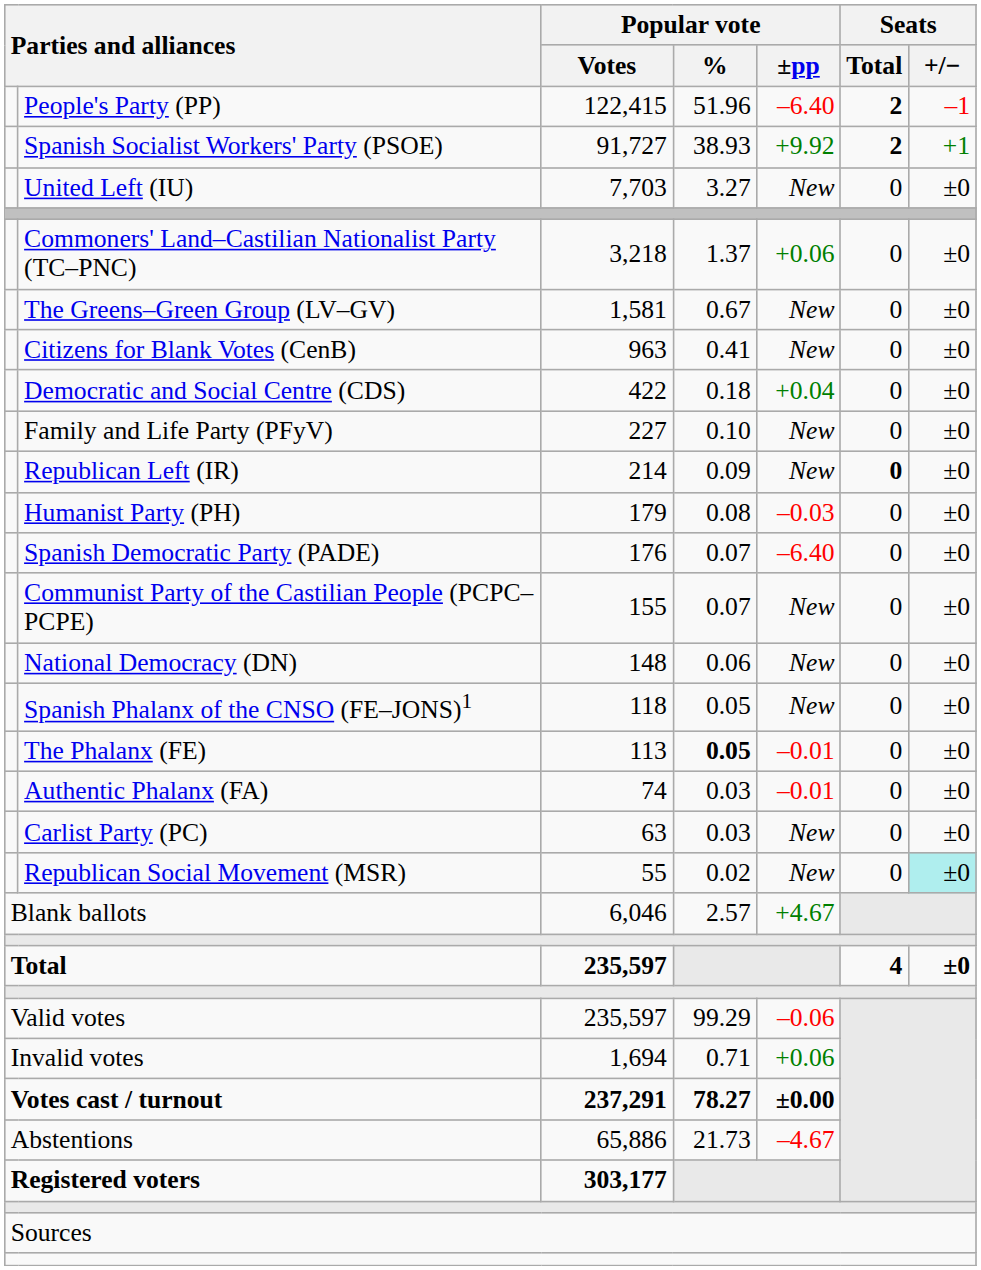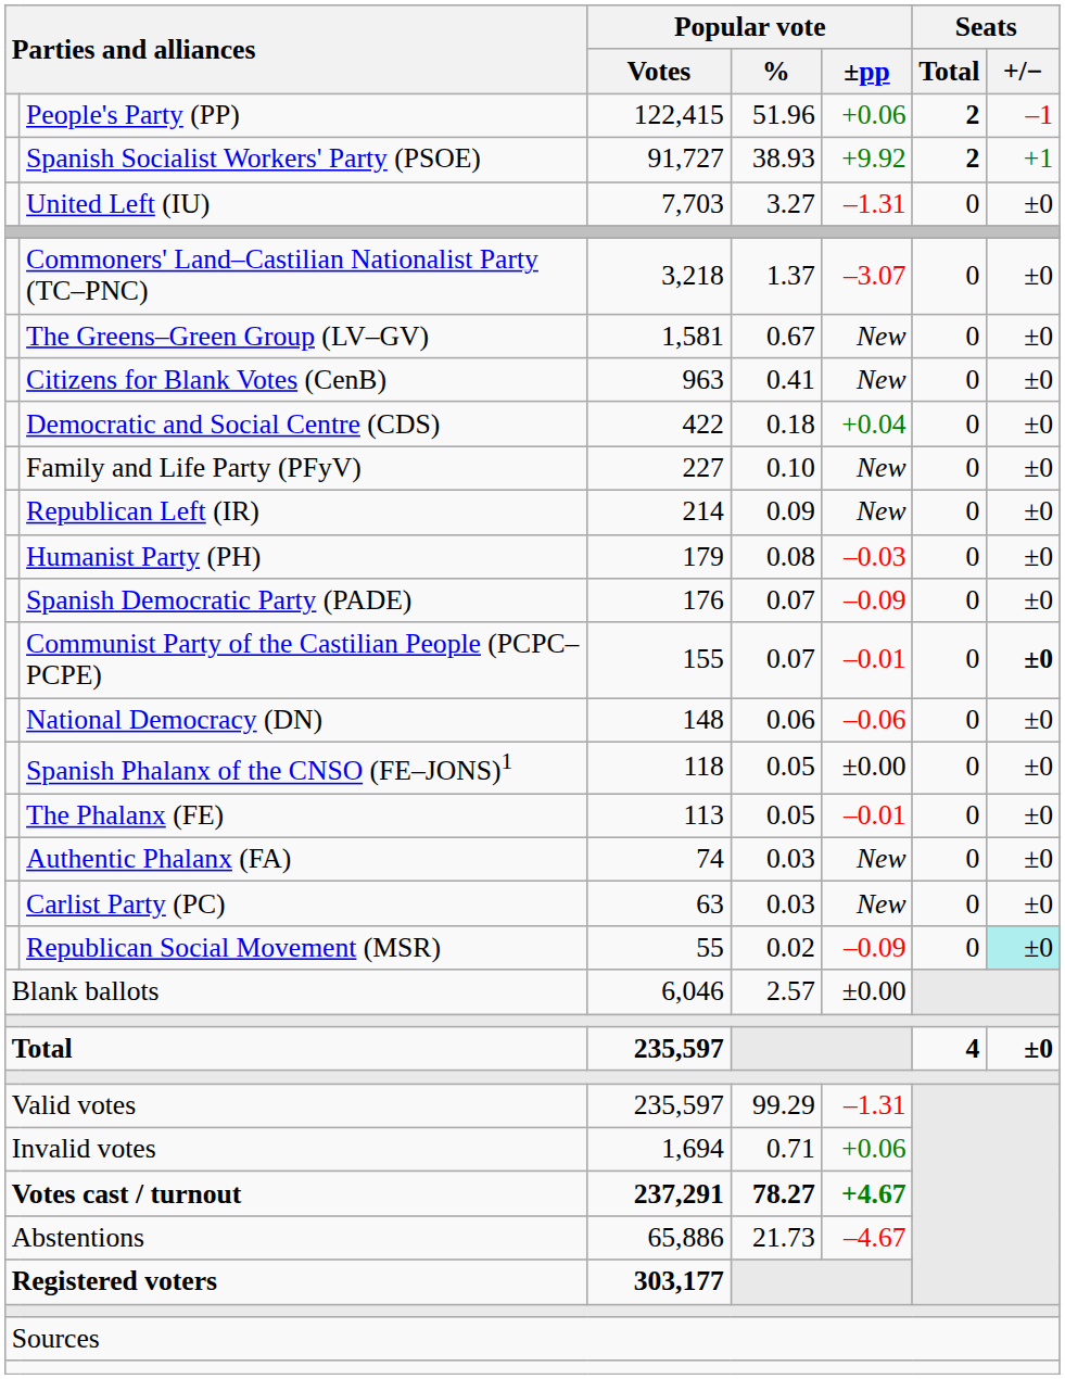 <table class="wikitable" style="text-align:right;">
 <tr>
 <th style="text-align:left;" rowspan="2" colspan="2" width="525">Parties and alliances</th>
 <th colspan="3">Popular vote</th>
 <th colspan="2">Seats</th>
 </tr>
 <tr>
 <th width="75">Votes</th>
 <th width="45">%</th>
 <th width="45">±<a href='#'>pp</a></th>
 <th width="35">Total</th>
 <th width="35">+/−</th>
 </tr>
 <tr>
 <td width="1" style="color:inherit;background:"></td>
 <td align="left"><a href='#'>People's Party</a> (PP)</td>
 <td>122,415</td>
 <td>51.96</td>
-<td style="color:red;">–6.40</td>
+<td style="color:green;">+0.06</td>
 <td><strong>2</strong></td>
 <td style="color:red;">–1</td>
 </tr>
 <tr>
 <td style="color:inherit;background:"></td>
 <td align="left"><a href='#'>Spanish Socialist Workers' Party</a> (PSOE)</td>
 <td>91,727</td>
 <td>38.93</td>
 <td style="color:green;">+9.92</td>
 <td><strong>2</strong></td>
 <td style="color:green;">+1</td>
 </tr>
 <tr>
 <td style="color:inherit;background:"></td>
 <td align="left"><a href='#'>United Left</a> (IU)</td>
 <td>7,703</td>
 <td>3.27</td>
-<td><em>New</em></td>
+<td style="color:red;">–1.31</td>
 <td>0</td>
 <td>±0</td>
 </tr>
 <tr>
 <td colspan="7" bgcolor="#C0C0C0"></td>
 </tr>
 <tr>
 <td style="color:inherit;background:"></td>
 <td align="left"><a href='#'>Commoners' Land–Castilian Nationalist Party</a> (TC–PNC)</td>
 <td>3,218</td>
 <td>1.37</td>
-<td style="color:green;">+0.06</td>
+<td style="color:red;">–3.07</td>
 <td>0</td>
 <td>±0</td>
 </tr>
 <tr>
 <td style="color:inherit;background:"></td>
 <td align="left"><a href='#'>The Greens–Green Group</a> (LV–GV)</td>
 <td>1,581</td>
 <td>0.67</td>
 <td><em>New</em></td>
 <td>0</td>
 <td>±0</td>
 </tr>
 <tr>
 <td style="color:inherit;background:"></td>
 <td align="left"><a href='#'>Citizens for Blank Votes</a> (CenB)</td>
 <td>963</td>
 <td>0.41</td>
 <td><em>New</em></td>
 <td>0</td>
 <td>±0</td>
 </tr>
 <tr>
 <td style="color:inherit;background:"></td>
 <td align="left"><a href='#'>Democratic and Social Centre</a> (CDS)</td>
 <td>422</td>
 <td>0.18</td>
 <td style="color:green;">+0.04</td>
 <td>0</td>
 <td>±0</td>
 </tr>
 <tr>
 <td style="color:inherit;background:"></td>
 <td align="left">Family and Life Party (PFyV)</td>
 <td>227</td>
 <td>0.10</td>
 <td><em>New</em></td>
 <td>0</td>
 <td>±0</td>
 </tr>
 <tr>
 <td style="color:inherit;background:"></td>
 <td align="left"><a href='#'>Republican Left</a> (IR)</td>
 <td>214</td>
 <td>0.09</td>
 <td><em>New</em></td>
-<td><strong>0</strong></td>
+<td>0</td>
 <td>±0</td>
 </tr>
 <tr>
 <td style="color:inherit;background:"></td>
 <td align="left"><a href='#'>Humanist Party</a> (PH)</td>
 <td>179</td>
 <td>0.08</td>
 <td style="color:red;">–0.03</td>
 <td>0</td>
 <td>±0</td>
 </tr>
 <tr>
 <td style="color:inherit;background:"></td>
 <td align="left"><a href='#'>Spanish Democratic Party</a> (PADE)</td>
 <td>176</td>
 <td>0.07</td>
-<td style="color:red;">–6.40</td>
+<td style="color:red;">–0.09</td>
 <td>0</td>
 <td>±0</td>
 </tr>
 <tr>
 <td style="color:inherit;background:"></td>
 <td align="left"><a href='#'>Communist Party of the Castilian People</a> (PCPC–PCPE)</td>
 <td>155</td>
 <td>0.07</td>
-<td><em>New</em></td>
+<td style="color:red;">–0.01</td>
 <td>0</td>
-<td>±0</td>
+<td><strong>±0</strong></td>
 </tr>
 <tr>
 <td style="color:inherit;background:"></td>
 <td align="left"><a href='#'>National Democracy</a> (DN)</td>
 <td>148</td>
 <td>0.06</td>
-<td><em>New</em></td>
+<td style="color:red;">–0.06</td>
 <td>0</td>
 <td>±0</td>
 </tr>
 <tr>
 <td style="color:inherit;background:"></td>
 <td align="left"><a href='#'>Spanish Phalanx of the CNSO</a> (FE–JONS)<sup>1</sup></td>
 <td>118</td>
 <td>0.05</td>
-<td><em>New</em></td>
+<td>±0.00</td>
 <td>0</td>
 <td>±0</td>
 </tr>
 <tr>
 <td style="color:inherit;background:"></td>
 <td align="left"><a href='#'>The Phalanx</a> (FE)</td>
 <td>113</td>
-<td><strong>0.05</strong></td>
+<td>0.05</td>
 <td style="color:red;">–0.01</td>
 <td>0</td>
 <td>±0</td>
 </tr>
 <tr>
 <td style="color:inherit;background:"></td>
 <td align="left"><a href='#'>Authentic Phalanx</a> (FA)</td>
 <td>74</td>
 <td>0.03</td>
-<td style="color:red;">–0.01</td>
+<td><em>New</em></td>
 <td>0</td>
 <td>±0</td>
 </tr>
 <tr>
 <td style="color:inherit;background:"></td>
 <td align="left"><a href='#'>Carlist Party</a> (PC)</td>
 <td>63</td>
 <td>0.03</td>
 <td><em>New</em></td>
 <td>0</td>
 <td>±0</td>
 </tr>
 <tr>
 <td style="color:inherit;background:"></td>
 <td align="left"><a href='#'>Republican Social Movement</a> (MSR)</td>
 <td>55</td>
 <td>0.02</td>
-<td><em>New</em></td>
+<td style="color:red;">–0.09</td>
 <td>0</td>
 <td style="background: paleturquoise;">±0</td>
 </tr>
 <tr>
 <td align="left" colspan="2">Blank ballots</td>
 <td>6,046</td>
 <td>2.57</td>
-<td style="color:green;">+4.67</td>
+<td>±0.00</td>
 <td bgcolor="#E9E9E9" colspan="2"></td>
 </tr>
 <tr>
 <td colspan="7" bgcolor="#E9E9E9"></td>
 </tr>
 <tr style="font-weight:bold;">
 <td align="left" colspan="2">Total</td>
 <td>235,597</td>
 <td bgcolor="#E9E9E9" colspan="2"></td>
 <td>4</td>
 <td>±0</td>
 </tr>
 <tr>
 <td colspan="7" bgcolor="#E9E9E9"></td>
 </tr>
 <tr>
 <td align="left" colspan="2">Valid votes</td>
 <td>235,597</td>
 <td>99.29</td>
-<td style="color:red;">–0.06</td>
+<td style="color:red;">–1.31</td>
 <td bgcolor="#E9E9E9" colspan="2" rowspan="5"></td>
 </tr>
 <tr>
 <td align="left" colspan="2">Invalid votes</td>
 <td>1,694</td>
 <td>0.71</td>
 <td style="color:green;">+0.06</td>
 </tr>
 <tr style="font-weight:bold;">
 <td align="left" colspan="2">Votes cast / turnout</td>
 <td>237,291</td>
 <td>78.27</td>
-<td>±0.00</td>
+<td style="color:green;">+4.67</td>
 </tr>
 <tr>
 <td align="left" colspan="2">Abstentions</td>
 <td>65,886</td>
 <td>21.73</td>
 <td style="color:red;">–4.67</td>
 </tr>
 <tr style="font-weight:bold;">
 <td align="left" colspan="2">Registered voters</td>
 <td>303,177</td>
 <td bgcolor="#E9E9E9" colspan="2"></td>
 </tr>
 <tr>
 <td colspan="7" bgcolor="#E9E9E9"></td>
 </tr>
 <tr>
 <td align="left" colspan="7">Sources</td>
 </tr>
 <tr>
 <td colspan="7" style="text-align:left; max-width:790px;"></td>
 </tr>
 </table>
